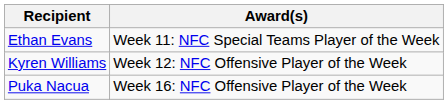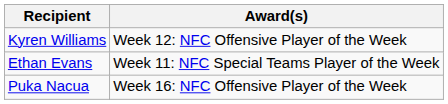 <table class="wikitable">
 <tr>
 <th>Recipient</th>
 <th>Award(s)</th>
 </tr>
 <tr>
+<td><a href='#'>Kyren Williams</a></td>
+<td>Week 12: <a href='#'>NFC</a> Offensive Player of the Week</td>
+</tr>
+<tr>
 <td><a href='#'>Ethan Evans</a></td>
 <td>Week 11: <a href='#'>NFC</a> Special Teams Player of the Week</td>
-</tr>
-<tr>
-<td><a href='#'>Kyren Williams</a></td>
-<td>Week 12: <a href='#'>NFC</a> Offensive Player of the Week</td>
 </tr>
 <tr>
 <td><a href='#'>Puka Nacua</a></td>
 <td>Week 16: <a href='#'>NFC</a> Offensive Player of the Week</td>
 </tr>
 </table>
